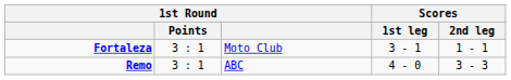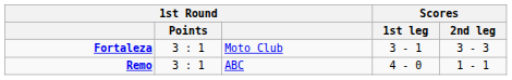 <table class="wikitable" style="text-align:center;">
 <tr>
 <th colspan=3>1st Round</th>
 <th colspan=3>Scores</th>
 </tr>
 <tr>
 <th width="175"></th>
 <th width="75">Points</th>
 <th width="175"></th>
 <th width="75">1st leg</th>
 <th width="75">2nd leg</th>
 </tr>
 <tr>
 <td align=right><strong><a href='#'>Fortaleza</a></strong></td>
 <td>3 : 1</td>
 <td align=left><a href='#'>Moto Club</a></td>
 <td>3 - 1</td>
-<td>1 - 1</td>
+<td>3 - 3</td>
 </tr>
 <tr>
 <td align=right><strong><a href='#'>Remo</a></strong></td>
 <td>3 : 1</td>
 <td align=left><a href='#'>ABC</a></td>
 <td>4 - 0</td>
-<td>3 - 3</td>
+<td>1 - 1</td>
 </tr>
 </table>
